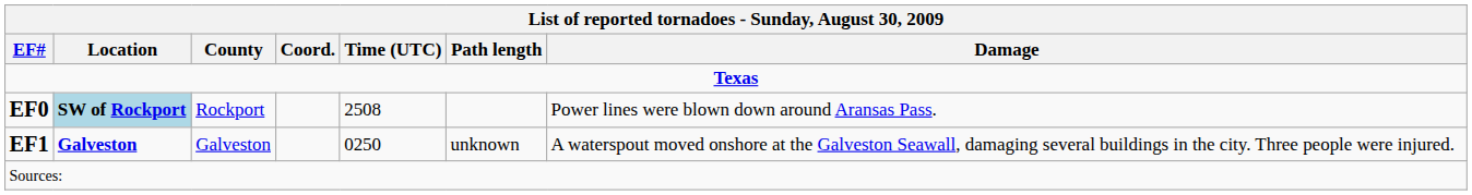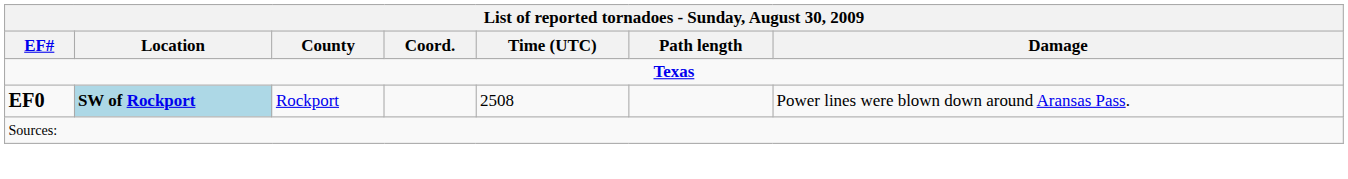 <table class="wikitable collapsible" style="width:100%;">
 <tr>
 <th colspan="7">List of reported tornadoes - Sunday, August 30, 2009</th>
 </tr>
 <tr>
 <th><a href='#'>EF#</a></th>
 <th>Location</th>
 <th>County</th>
 <th>Coord.</th>
 <th>Time (UTC)</th>
 <th>Path length</th>
 <th>Damage</th>
 </tr>
 <tr>
 <td colspan="7" style="text-align:center;"><strong><a href='#'>Texas</a></strong></td>
 </tr>
 <tr>
 <td><big><strong>EF0</strong></big></td>
 <td style="background: lightblue;"><strong>SW of <a href='#'>Rockport</a></strong></td>
 <td><a href='#'>Rockport</a></td>
 <td></td>
 <td>2508</td>
 <td></td>
 <td>Power lines were blown down around <a href='#'>Aransas Pass</a>.</td>
 </tr>
 <tr>
-<td><big><strong>EF1</strong></big></td>
-<td><strong><a href='#'>Galveston</a></strong></td>
-<td><a href='#'>Galveston</a></td>
-<td></td>
-<td>0250</td>
-<td>unknown</td>
-<td>A waterspout moved onshore at the <a href='#'>Galveston Seawall</a>, damaging several buildings in the city. Three people were injured.</td>
-</tr>
-<tr>
 <td colspan="7"><small>Sources: </small></td>
 </tr>
 </table>
